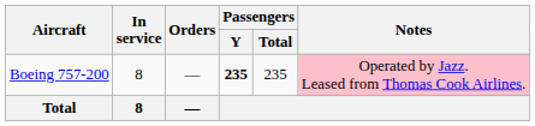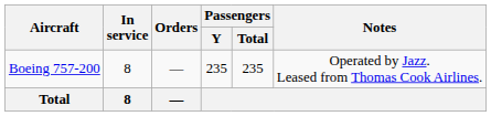 <table class="wikitable" style="margin:0.5em auto; text-align:center">
 <tr>
 <th rowspan=2>Aircraft</th>
 <th rowspan=2>In <br> service</th>
 <th rowspan=2>Orders</th>
 <th colspan=2>Passengers</th>
 <th rowspan=2>Notes</th>
 </tr>
 <tr>
 <th><abbr>Y</abbr></th>
 <th>Total</th>
 </tr>
 <tr>
 <td><a href='#'>Boeing 757-200</a></td>
 <td>8</td>
 <td>—</td>
-<td><strong>235</strong></td>
 <td>235</td>
-<td style="background: pink;">Operated by <a href='#'>Jazz</a>. <br> Leased from <a href='#'>Thomas Cook Airlines</a>.</td>
+<td>235</td>
+<td>Operated by <a href='#'>Jazz</a>. <br> Leased from <a href='#'>Thomas Cook Airlines</a>.</td>
 </tr>
 <tr>
 <th>Total</th>
 <th>8</th>
 <th>—</th>
 <th colspan=3></th>
 </tr>
 </table>
